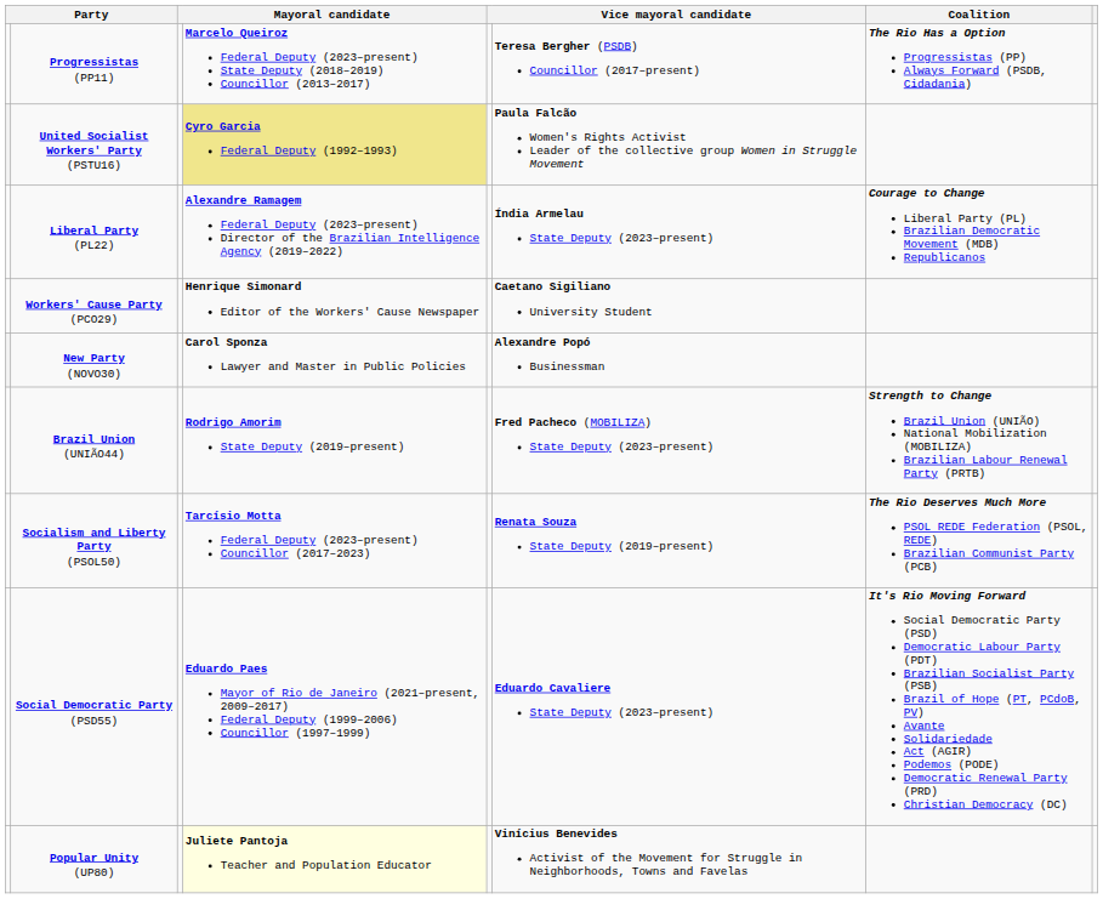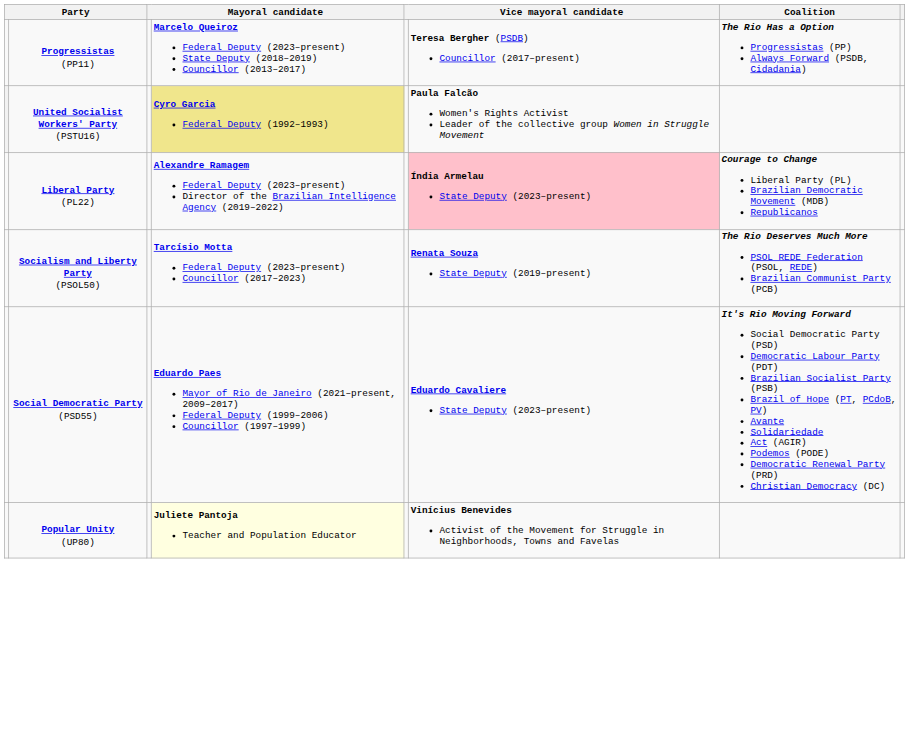 <table class="vertical-align-top wikitable">
 <tr>
 <th colspan="2" scope="colgroup">Party</th>
 <th colspan="2" scope="colgroup">Mayoral candidate</th>
 <th colspan="2">Vice mayoral candidate</th>
 <th>Coalition</th>
 <th></th>
 </tr>
 <tr>
 <td style="background:"></td>
 <td style="text-align:center; line-height:1.3"><br><strong><a href='#'>Progressistas</a></strong><br>(PP11)</td>
 <td></td>
 <td><strong><a href='#'>Marcelo Queiroz</a></strong><br><ul><li><a href='#'>Federal Deputy</a> (2023–present)</li><li><a href='#'>State Deputy</a> (2018–2019)</li><li><a href='#'>Councillor</a> (2013–2017)</li></ul></td>
 <td></td>
 <td><strong>Teresa Bergher</strong> (<a href='#'>PSDB</a>)<br><ul><li><a href='#'>Councillor</a> (2017–present)</li></ul></td>
 <td><strong><em>The Rio Has a Option</em></strong><br><ul><li><a href='#'>Progressistas</a> (PP)</li><li><a href='#'>Always Forward</a> (PSDB, <a href='#'>Cidadania</a>)</li></ul></td>
 <td></td>
 </tr>
 <tr>
 <th style="background:"></th>
 <td style="text-align:center; line-height:1.3"><br><strong><a href='#'>United Socialist Workers' Party</a></strong><br>(PSTU16)</td>
 <td style="text-align:center; line-height:1.3"></td>
 <td style="background: khaki;"><strong><a href='#'>Cyro Garcia</a></strong><br><ul><li><a href='#'>Federal Deputy</a> (1992–1993)</li></ul></td>
 <td style="text-align:center; line-height:1.3"></td>
 <td><strong>Paula Falcão</strong><br><ul><li>Women's Rights Activist</li><li>Leader of the collective group <em>Women in Struggle Movement</em></li></ul></td>
 <td></td>
 <td></td>
 </tr>
 <tr>
 <td style="background:"></td>
 <td style="text-align:center; line-height:1.3"><br><strong><a href='#'>Liberal Party</a></strong><br>(PL22)</td>
 <td></td>
 <td><strong><a href='#'>Alexandre Ramagem</a></strong><br><ul><li><a href='#'>Federal Deputy</a> (2023–present)</li><li>Director of the <a href='#'>Brazilian Intelligence Agency</a> (2019–2022)</li></ul></td>
 <td></td>
-<td><strong>Índia Armelau</strong><br><ul><li><a href='#'>State Deputy</a> (2023–present)</li></ul></td>
+<td style="background: pink;"><strong>Índia Armelau</strong><br><ul><li><a href='#'>State Deputy</a> (2023–present)</li></ul></td>
 <td><strong><em>Courage to Change</em></strong><br><ul><li>Liberal Party (PL)</li><li><a href='#'>Brazilian Democratic Movement</a> (MDB)</li><li><a href='#'>Republicanos</a></li></ul></td>
 <td><br></td>
-</tr>
-<tr>
-<td style="background:"></td>
-<td style="text-align:center; line-height:1.3"><br><strong><a href='#'>Workers' Cause Party</a></strong><br>(PCO29)</td>
-<td></td>
-<td><strong>Henrique Simonard</strong><br><ul><li>Editor of the Workers' Cause Newspaper</li></ul></td>
-<td></td>
-<td><strong>Caetano Sigiliano</strong><br><ul><li>University Student</li></ul></td>
-<td></td>
-<td></td>
-</tr>
-<tr>
-<th style="background:"></th>
-<td style="text-align:center; line-height:1.3"><br><strong><a href='#'>New Party</a></strong><br>(NOVO30)</td>
-<td style="text-align:center; line-height:1.3"></td>
-<td><strong>Carol Sponza</strong><br><ul><li>Lawyer and Master in Public Policies</li></ul></td>
-<td style="text-align:center; line-height:1.3"></td>
-<td><strong>Alexandre Popó</strong><br><ul><li>Businessman</li></ul></td>
-<td></td>
-<td></td>
-</tr>
-<tr>
-<td style="background:"></td>
-<td style="text-align:center; line-height:1.3"><br><strong><a href='#'>Brazil Union</a></strong><br>(UNIÃO44)</td>
-<td></td>
-<td><strong><a href='#'>Rodrigo Amorim</a></strong><br><ul><li><a href='#'>State Deputy</a> (2019–present)</li></ul></td>
-<td></td>
-<td><strong>Fred Pacheco</strong> (<a href='#'>MOBILIZA</a>)<br><ul><li><a href='#'>State Deputy</a> (2023–present)</li></ul></td>
-<td><strong><em>Strength to Change</em></strong><br><ul><li><a href='#'>Brazil Union</a> (UNIÃO)</li><li>National Mobilization (MOBILIZA)</li><li><a href='#'>Brazilian Labour Renewal Party</a> (PRTB)</li></ul></td>
-<td></td>
 </tr>
 <tr>
 <td style="background:"></td>
 <td style="text-align:center; line-height:1.3"><br><strong><a href='#'>Socialism and Liberty Party</a></strong><br>(PSOL50)</td>
 <td></td>
 <td><strong><a href='#'>Tarcísio Motta</a></strong><br><ul><li><a href='#'>Federal Deputy</a> (2023–present)</li><li><a href='#'>Councillor</a> (2017–2023)</li></ul></td>
 <td></td>
 <td><strong><a href='#'>Renata Souza</a></strong><br><ul><li><a href='#'>State Deputy</a> (2019–present)</li></ul></td>
 <td><strong><em>The Rio Deserves Much More</em></strong><br><ul><li><a href='#'>PSOL REDE Federation</a> (PSOL, <a href='#'>REDE</a>)</li><li><a href='#'>Brazilian Communist Party</a> (PCB)</li></ul></td>
 <td><br></td>
 </tr>
 <tr>
 <td style="background:"></td>
 <td style="text-align:center; line-height:1.3"><br><strong><a href='#'>Social Democratic Party</a></strong><br>(PSD55)</td>
 <td></td>
 <td><strong><a href='#'>Eduardo Paes</a></strong><br><ul><li><a href='#'>Mayor of Rio de Janeiro</a> (2021–present, 2009–2017)</li><li><a href='#'>Federal Deputy</a> (1999–2006)</li><li><a href='#'>Councillor</a> (1997–1999)</li></ul></td>
 <td></td>
 <td><strong><a href='#'>Eduardo Cavaliere</a></strong><br><ul><li><a href='#'>State Deputy</a> (2023–present)</li></ul></td>
 <td><strong><em>It's Rio Moving Forward</em></strong><br><ul><li>Social Democratic Party (PSD)</li><li><a href='#'>Democratic Labour Party</a> (PDT)</li><li><a href='#'>Brazilian Socialist Party</a> (PSB)</li><li><a href='#'>Brazil of Hope</a> (<a href='#'>PT</a>, <a href='#'>PCdoB</a>, <a href='#'>PV</a>)</li><li><a href='#'>Avante</a></li><li><a href='#'>Solidariedade</a></li><li><a href='#'>Act</a> (AGIR)</li><li><a href='#'>Podemos</a> (PODE)</li><li><a href='#'>Democratic Renewal Party</a> (PRD)</li><li><a href='#'>Christian Democracy</a> (DC)</li></ul></td>
 <td><br></td>
 </tr>
 <tr>
 <td style="background:"></td>
 <td style="text-align:center; line-height:1.3"><br><strong><a href='#'>Popular Unity</a></strong><br>(UP80)</td>
 <td></td>
 <td style="background: lightyellow;"><strong>Juliete Pantoja</strong><br><ul><li>Teacher and Population Educator</li></ul></td>
 <td></td>
 <td><strong>Vinícius Benevides</strong><br><ul><li>Activist of the Movement for Struggle in Neighborhoods, Towns and Favelas</li></ul></td>
 <td></td>
 <td></td>
 </tr>
 </table>
